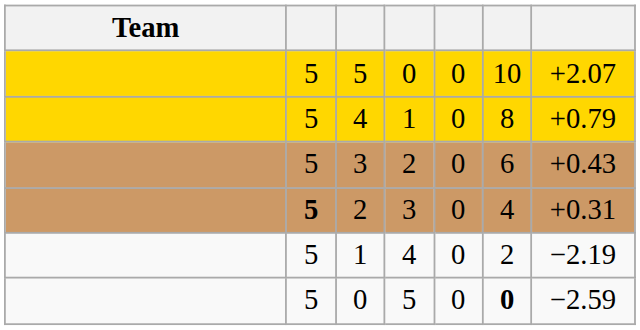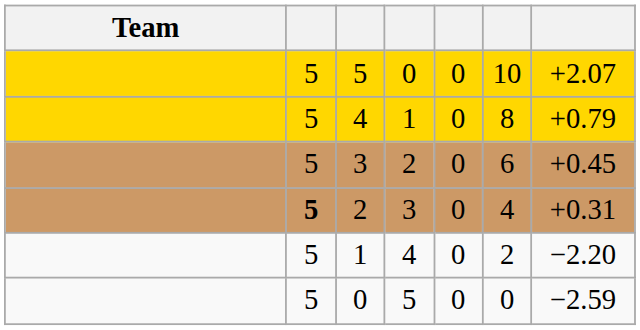 <table class="wikitable" style="text-align:center; float:left; margin-right:1em">
 <tr>
 <th width="150">Team</th>
 <th width="20"></th>
 <th width="20"></th>
 <th width="20"></th>
 <th width="20"></th>
 <th width="20"></th>
 <th width="50"><a href='#'></a></th>
 </tr>
 <tr bgcolor="gold">
 <td align=left></td>
 <td>5</td>
 <td>5</td>
 <td>0</td>
 <td>0</td>
 <td>10</td>
 <td>+2.07</td>
 </tr>
 <tr bgcolor="gold">
 <td align=left></td>
 <td>5</td>
 <td>4</td>
 <td>1</td>
 <td>0</td>
 <td>8</td>
 <td>+0.79</td>
 </tr>
 <tr bgcolor="cc9966">
 <td align=left></td>
 <td>5</td>
 <td>3</td>
 <td>2</td>
 <td>0</td>
 <td>6</td>
-<td>+0.43</td>
+<td>+0.45</td>
 </tr>
 <tr bgcolor="cc9966">
 <td align=left></td>
 <td><strong>5</strong></td>
 <td>2</td>
 <td>3</td>
 <td>0</td>
 <td>4</td>
 <td>+0.31</td>
 </tr>
 <tr>
 <td align=left></td>
 <td>5</td>
 <td>1</td>
 <td>4</td>
 <td>0</td>
 <td>2</td>
-<td>−2.19</td>
+<td>−2.20</td>
 </tr>
 <tr>
 <td align=left></td>
 <td>5</td>
 <td>0</td>
 <td>5</td>
 <td>0</td>
-<td><strong>0</strong></td>
+<td>0</td>
 <td>−2.59</td>
 </tr>
 </table>
